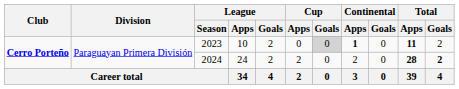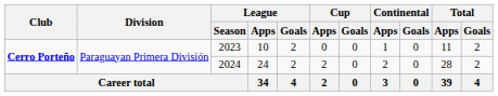 <table class="wikitable" style="text-align:center">
 <tr>
 <th rowspan="2">Club</th>
 <th rowspan="2">Division</th>
 <th colspan="3">League</th>
 <th colspan="2">Cup</th>
 <th colspan="2">Continental</th>
 <th colspan="2">Total</th>
 </tr>
 <tr>
 <th>Season</th>
 <th>Apps</th>
 <th>Goals</th>
 <th>Apps</th>
 <th>Goals</th>
 <th>Apps</th>
 <th>Goals</th>
 <th>Apps</th>
 <th>Goals</th>
 </tr>
 <tr>
 <td rowspan="2"><strong><a href='#'>Cerro Porteño</a></strong></td>
 <td rowspan="2"><a href='#'>Paraguayan Primera División</a></td>
 <td>2023</td>
 <td>10</td>
 <td>2</td>
 <td>0</td>
-<td style="background: lightgrey;">0</td>
-<td><strong>1</strong></td>
 <td>0</td>
-<td><strong>11</strong></td>
+<td>1</td>
+<td>0</td>
+<td>11</td>
 <td>2</td>
 </tr>
 <tr>
 <td>2024</td>
 <td>24</td>
 <td>2</td>
 <td>2</td>
 <td>0</td>
 <td>2</td>
 <td>0</td>
-<td><strong>28</strong></td>
-<td><strong>2</strong></td>
+<td>28</td>
+<td>2</td>
 </tr>
 <tr>
 <th colspan="3">Career total</th>
 <th>34</th>
 <th>4</th>
 <th>2</th>
 <th>0</th>
 <th>3</th>
 <th>0</th>
 <th>39</th>
 <th>4</th>
 </tr>
 </table>
